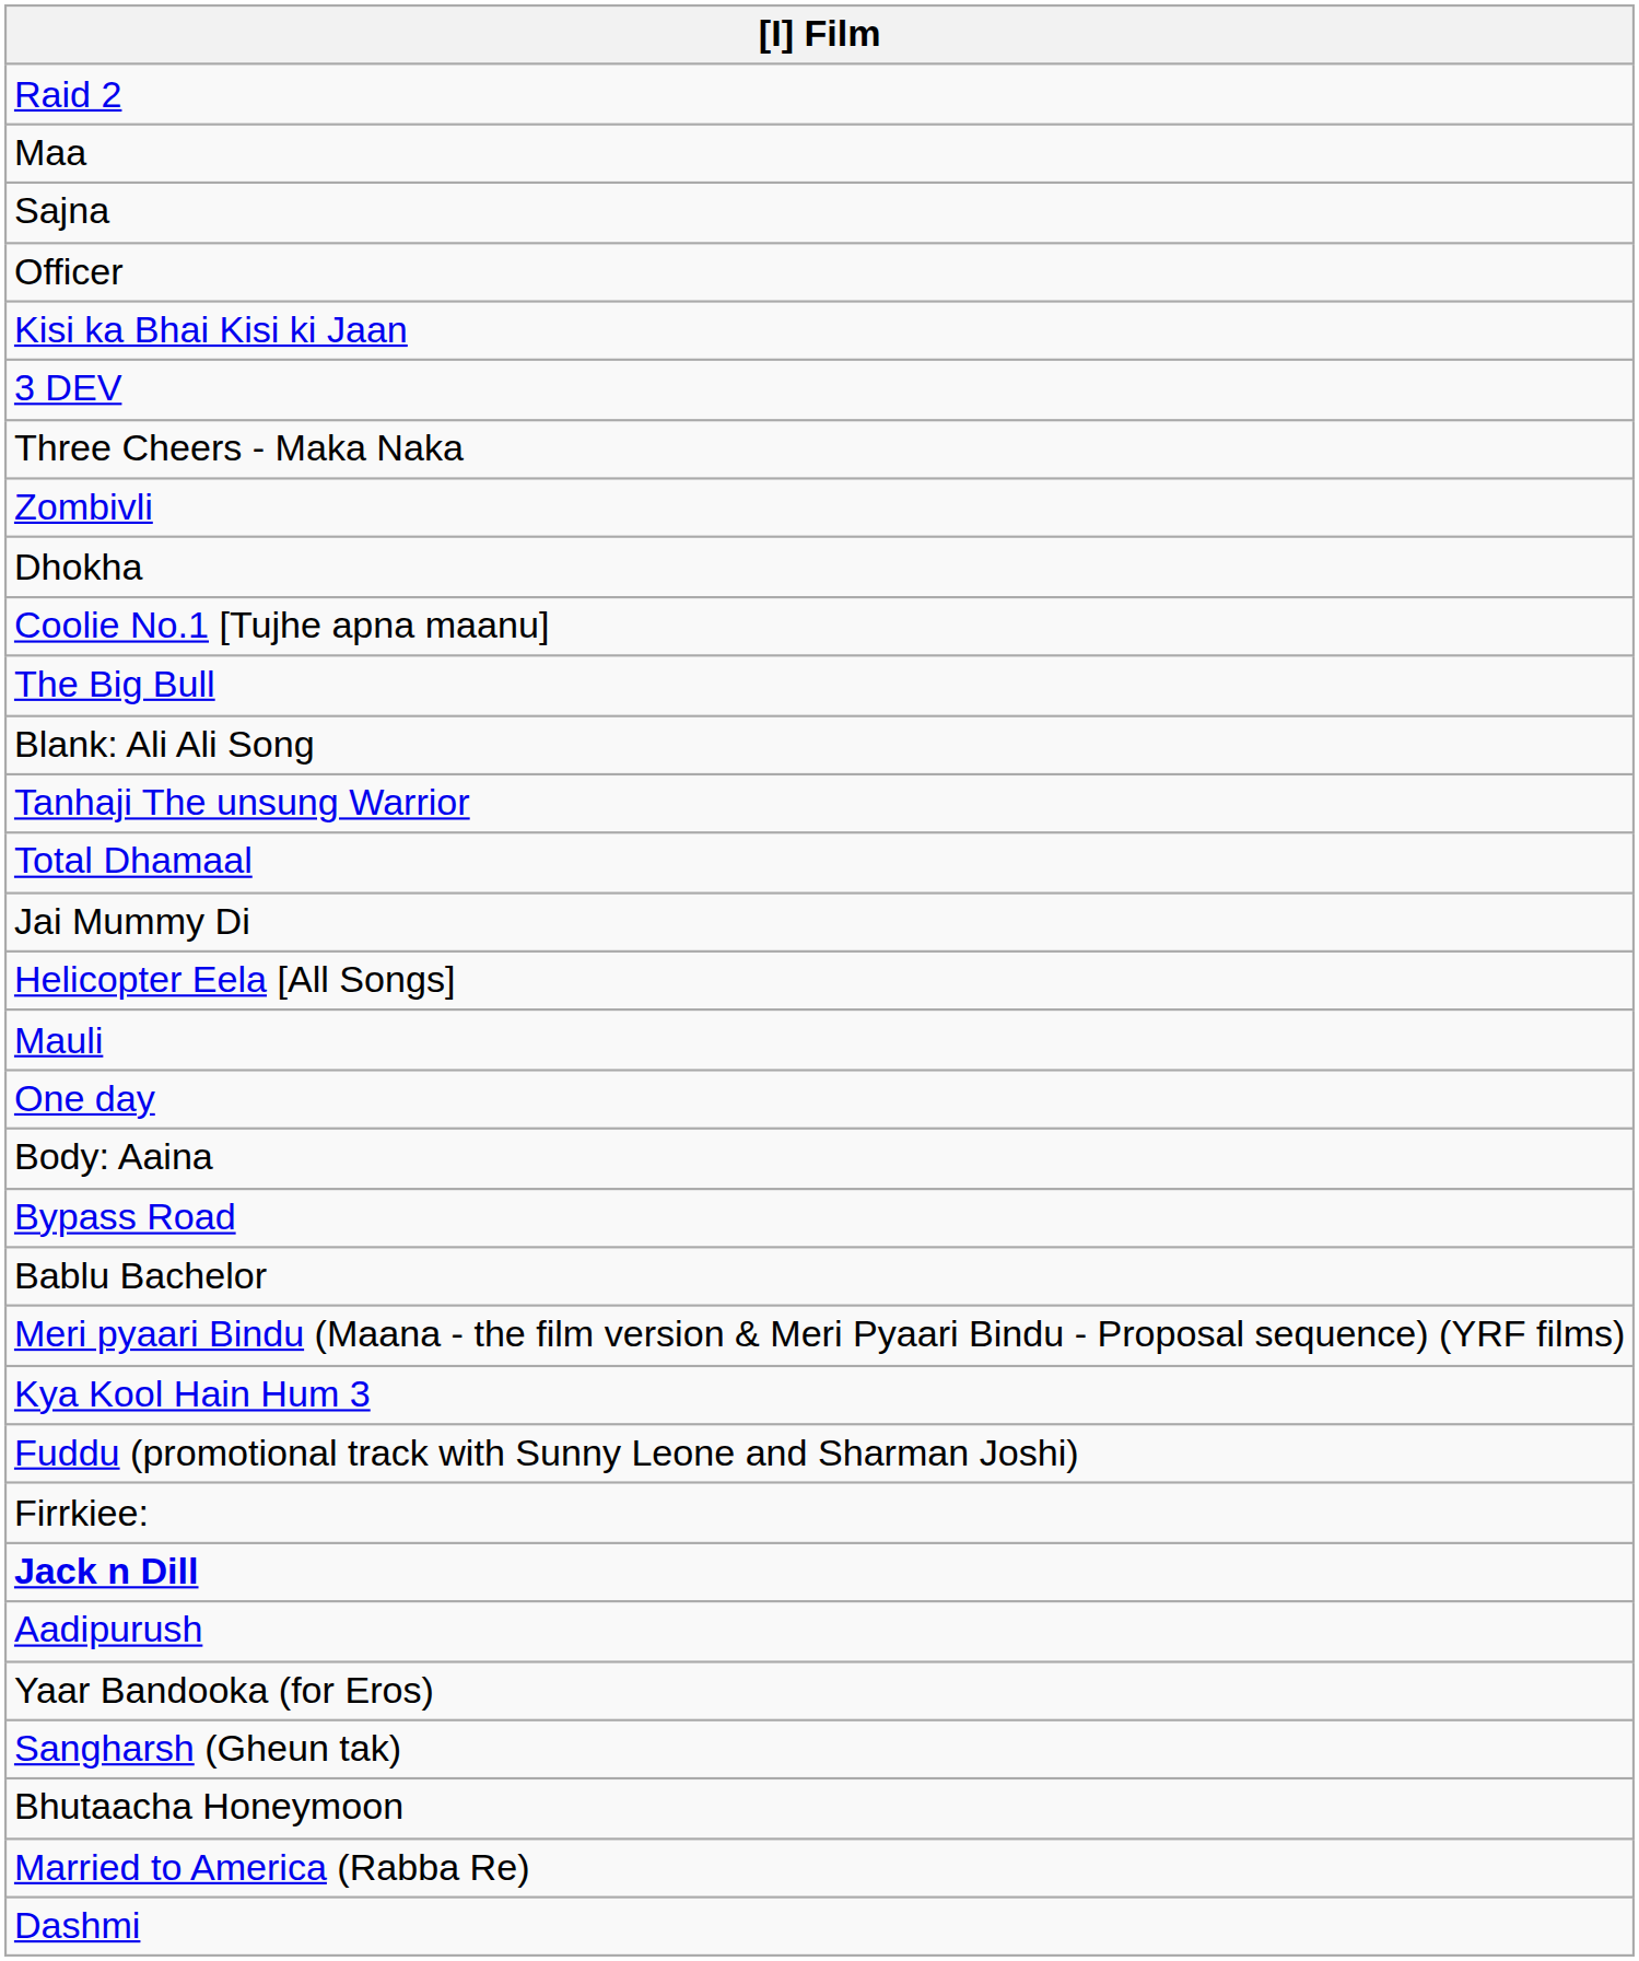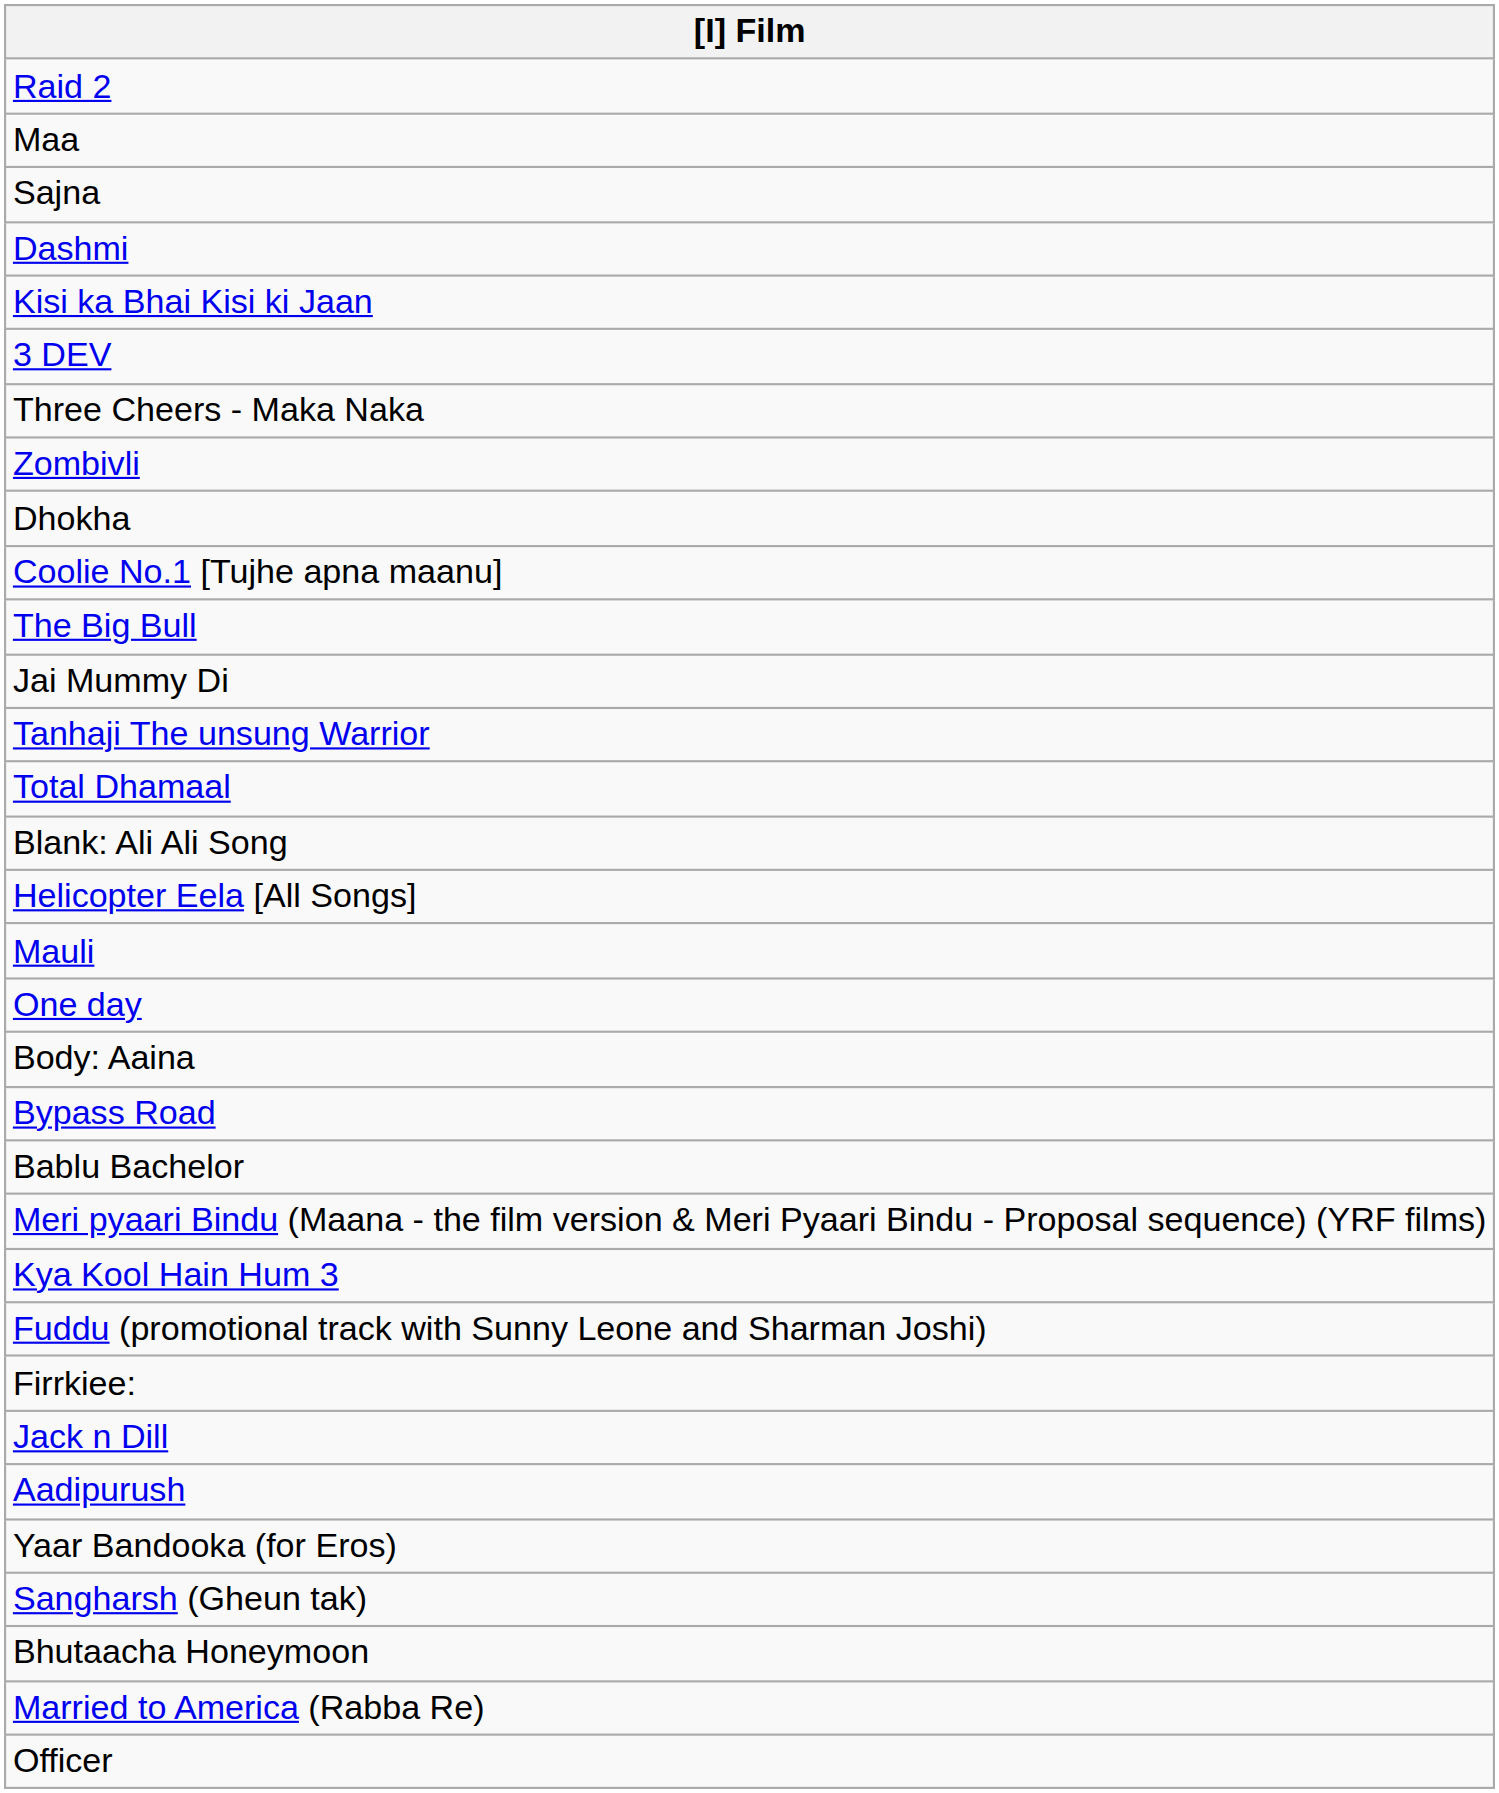 <table class="wikitable">
 <tr>
 <th>[I] Film</th>
 </tr>
 <tr>
 <td><a href='#'>Raid 2</a></td>
 </tr>
 <tr>
 <td>Maa</td>
 </tr>
 <tr>
 <td>Sajna</td>
 </tr>
 <tr>
-<td>Officer</td>
+<td><a href='#'>Dashmi</a></td>
 </tr>
 <tr>
 <td><a href='#'>Kisi ka Bhai Kisi ki Jaan</a></td>
 </tr>
 <tr>
 <td><a href='#'>3 DEV</a></td>
 </tr>
 <tr>
 <td>Three Cheers - Maka Naka</td>
 </tr>
 <tr>
 <td><a href='#'>Zombivli</a></td>
 </tr>
 <tr>
 <td>Dhokha</td>
 </tr>
 <tr>
 <td><a href='#'>Coolie No.1</a> [Tujhe apna maanu]</td>
 </tr>
 <tr>
 <td><a href='#'>The Big Bull</a></td>
 </tr>
 <tr>
-<td>Blank: Ali Ali Song</td>
+<td>Jai Mummy Di</td>
 </tr>
 <tr>
 <td><a href='#'>Tanhaji The unsung Warrior</a></td>
 </tr>
 <tr>
 <td><a href='#'>Total Dhamaal</a></td>
 </tr>
 <tr>
-<td>Jai Mummy Di</td>
+<td>Blank: Ali Ali Song</td>
 </tr>
 <tr>
 <td><a href='#'>Helicopter Eela</a> [All Songs]</td>
 </tr>
 <tr>
 <td><a href='#'>Mauli</a></td>
 </tr>
 <tr>
 <td><a href='#'>One day</a></td>
 </tr>
 <tr>
 <td>Body: Aaina</td>
 </tr>
 <tr>
 <td><a href='#'>Bypass Road</a></td>
 </tr>
 <tr>
 <td>Bablu Bachelor</td>
 </tr>
 <tr>
 <td><a href='#'>Meri pyaari Bindu</a> (Maana - the film version & Meri Pyaari Bindu - Proposal sequence) (YRF films)</td>
 </tr>
 <tr>
 <td><a href='#'>Kya Kool Hain Hum 3</a></td>
 </tr>
 <tr>
 <td><a href='#'>Fuddu</a> (promotional track with Sunny Leone and Sharman Joshi)</td>
 </tr>
 <tr>
 <td>Firrkiee:</td>
 </tr>
 <tr>
-<td><strong><a href='#'>Jack n Dill</a></strong></td>
+<td><a href='#'>Jack n Dill</a></td>
 </tr>
 <tr>
 <td><a href='#'>Aadipurush</a></td>
 </tr>
 <tr>
 <td>Yaar Bandooka (for Eros)</td>
 </tr>
 <tr>
 <td><a href='#'>Sangharsh</a> (Gheun tak)</td>
 </tr>
 <tr>
 <td>Bhutaacha Honeymoon</td>
 </tr>
 <tr>
 <td><a href='#'>Married to America</a> (Rabba Re)</td>
 </tr>
 <tr>
-<td><a href='#'>Dashmi</a></td>
+<td>Officer</td>
 </tr>
 </table>
